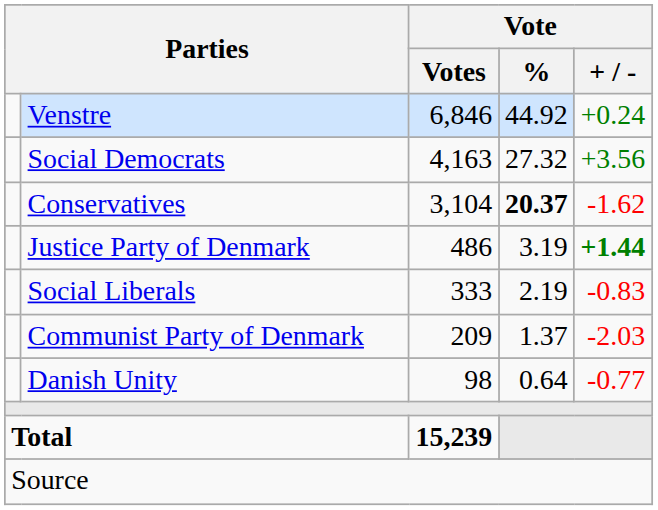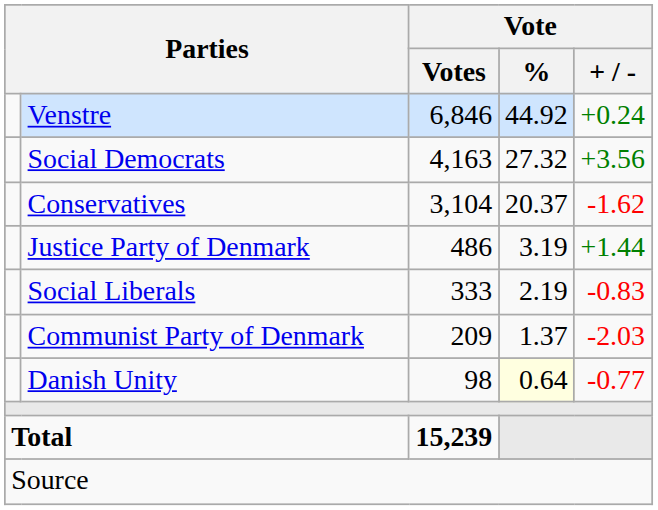 <table class="wikitable" style="text-align:right;">
 <tr>
 <th style="text-align:centre;" rowspan="2" colspan="2" width="225">Parties</th>
 <th colspan="3">Vote</th>
 </tr>
 <tr>
 <th width="15">Votes</th>
 <th width="15">%</th>
 <th width="15">+ / -</th>
 </tr>
 <tr>
 <td width="2" style="color:inherit;background:"></td>
 <td bgcolor=#cfe5fe  align="left"><a href='#'>Venstre</a></td>
 <td bgcolor=#cfe5fe>6,846</td>
 <td bgcolor=#cfe5fe>44.92</td>
 <td style=color:green;>+0.24</td>
 </tr>
 <tr>
 <td width="2" style="color:inherit;background:"></td>
 <td align="left"><a href='#'>Social Democrats</a></td>
 <td>4,163</td>
 <td>27.32</td>
 <td style=color:green;>+3.56</td>
 </tr>
 <tr>
 <td width="2" style="color:inherit;background:"></td>
 <td align="left"><a href='#'>Conservatives</a></td>
 <td>3,104</td>
-<td><strong>20.37</strong></td>
+<td>20.37</td>
 <td style=color:red;>-1.62</td>
 </tr>
 <tr>
 <td width="2" style="color:inherit;background:"></td>
 <td align="left"><a href='#'>Justice Party of Denmark</a></td>
 <td>486</td>
 <td>3.19</td>
-<td style=color:green;><strong>+1.44</strong></td>
+<td style=color:green;>+1.44</td>
 </tr>
 <tr>
 <td width="2" style="color:inherit;background:"></td>
 <td align="left"><a href='#'>Social Liberals</a></td>
 <td>333</td>
 <td>2.19</td>
 <td style=color:red;>-0.83</td>
 </tr>
 <tr>
 <td width="2" style="color:inherit;background:"></td>
 <td align="left"><a href='#'>Communist Party of Denmark</a></td>
 <td>209</td>
 <td>1.37</td>
 <td style=color:red;>-2.03</td>
 </tr>
 <tr>
 <td width="2" style="color:inherit;background:"></td>
 <td align="left"><a href='#'>Danish Unity</a></td>
 <td>98</td>
-<td>0.64</td>
+<td style="background: lightyellow;">0.64</td>
 <td style=color:red;>-0.77</td>
 </tr>
 <tr>
 <td colspan="7" bgcolor="#E9E9E9"></td>
 </tr>
 <tr>
 <td align="left" colspan="2"><strong>Total</strong></td>
 <td><strong>15,239</strong></td>
 <td bgcolor="#E9E9E9" colspan="2"></td>
 </tr>
 <tr>
 <td align="left" colspan="6">Source</td>
 </tr>
 </table>
